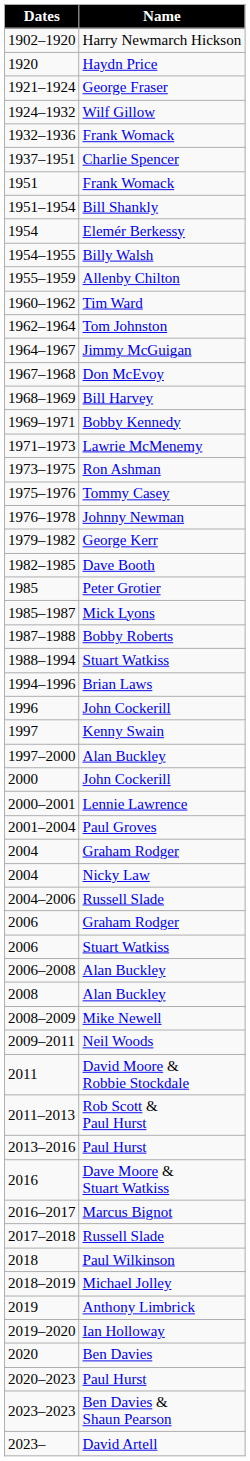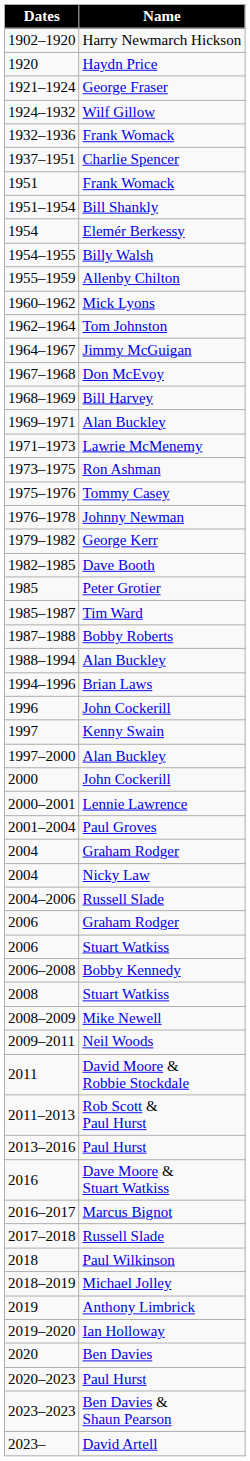 <table class="wikitable">
 <tr>
 <th style="background:#000000; color:#FFFFFF;">Dates</th>
 <th style="background:#000000; color:#FFFFFF;">Name</th>
 </tr>
 <tr>
 <td>1902–1920</td>
 <td> Harry Newmarch Hickson</td>
 </tr>
 <tr>
 <td>1920</td>
 <td> <a href='#'>Haydn Price</a></td>
 </tr>
 <tr>
 <td>1921–1924</td>
 <td> <a href='#'>George Fraser</a></td>
 </tr>
 <tr>
 <td>1924–1932</td>
 <td> <a href='#'>Wilf Gillow</a></td>
 </tr>
 <tr>
 <td>1932–1936</td>
 <td> <a href='#'>Frank Womack</a></td>
 </tr>
 <tr>
 <td>1937–1951</td>
 <td> <a href='#'>Charlie Spencer</a></td>
 </tr>
 <tr>
 <td>1951</td>
 <td> <a href='#'>Frank Womack</a></td>
 </tr>
 <tr>
 <td>1951–1954</td>
 <td> <a href='#'>Bill Shankly</a></td>
 </tr>
 <tr>
 <td>1954</td>
 <td> <a href='#'>Elemér Berkessy</a></td>
 </tr>
 <tr>
 <td>1954–1955</td>
 <td> <a href='#'>Billy Walsh</a></td>
 </tr>
 <tr>
 <td>1955–1959</td>
 <td> <a href='#'>Allenby Chilton</a></td>
 </tr>
 <tr>
 <td>1960–1962</td>
-<td> <a href='#'>Tim Ward</a></td>
+<td> <a href='#'>Mick Lyons</a></td>
 </tr>
 <tr>
 <td>1962–1964</td>
 <td> <a href='#'>Tom Johnston</a></td>
 </tr>
 <tr>
 <td>1964–1967</td>
 <td> <a href='#'>Jimmy McGuigan</a></td>
 </tr>
 <tr>
 <td>1967–1968</td>
 <td> <a href='#'>Don McEvoy</a></td>
 </tr>
 <tr>
 <td>1968–1969</td>
 <td> <a href='#'>Bill Harvey</a></td>
 </tr>
 <tr>
 <td>1969–1971</td>
-<td> <a href='#'>Bobby Kennedy</a></td>
+<td> <a href='#'>Alan Buckley</a></td>
 </tr>
 <tr>
 <td>1971–1973</td>
 <td> <a href='#'>Lawrie McMenemy</a></td>
 </tr>
 <tr>
 <td>1973–1975</td>
 <td> <a href='#'>Ron Ashman</a></td>
 </tr>
 <tr>
 <td>1975–1976</td>
 <td> <a href='#'>Tommy Casey</a></td>
 </tr>
 <tr>
 <td>1976–1978</td>
 <td> <a href='#'>Johnny Newman</a></td>
 </tr>
 <tr>
 <td>1979–1982</td>
 <td> <a href='#'>George Kerr</a></td>
 </tr>
 <tr>
 <td>1982–1985</td>
 <td> <a href='#'>Dave Booth</a></td>
 </tr>
 <tr>
 <td>1985</td>
 <td> <a href='#'>Peter Grotier</a></td>
 </tr>
 <tr>
 <td>1985–1987</td>
-<td> <a href='#'>Mick Lyons</a></td>
+<td> <a href='#'>Tim Ward</a></td>
 </tr>
 <tr>
 <td>1987–1988</td>
 <td> <a href='#'>Bobby Roberts</a></td>
 </tr>
 <tr>
 <td>1988–1994</td>
-<td> <a href='#'>Stuart Watkiss</a></td>
+<td> <a href='#'>Alan Buckley</a></td>
 </tr>
 <tr>
 <td>1994–1996</td>
 <td> <a href='#'>Brian Laws</a></td>
 </tr>
 <tr>
 <td>1996</td>
 <td> <a href='#'>John Cockerill</a></td>
 </tr>
 <tr>
 <td>1997</td>
 <td> <a href='#'>Kenny Swain</a></td>
 </tr>
 <tr>
 <td>1997–2000</td>
 <td> <a href='#'>Alan Buckley</a></td>
 </tr>
 <tr>
 <td>2000</td>
 <td> <a href='#'>John Cockerill</a></td>
 </tr>
 <tr>
 <td>2000–2001</td>
 <td> <a href='#'>Lennie Lawrence</a></td>
 </tr>
 <tr>
 <td>2001–2004</td>
 <td> <a href='#'>Paul Groves</a></td>
 </tr>
 <tr>
 <td>2004</td>
 <td> <a href='#'>Graham Rodger</a></td>
 </tr>
 <tr>
 <td>2004</td>
 <td> <a href='#'>Nicky Law</a></td>
 </tr>
 <tr>
 <td>2004–2006</td>
 <td> <a href='#'>Russell Slade</a></td>
 </tr>
 <tr>
 <td>2006</td>
 <td> <a href='#'>Graham Rodger</a></td>
 </tr>
 <tr>
 <td>2006</td>
 <td> <a href='#'>Stuart Watkiss</a></td>
 </tr>
 <tr>
 <td>2006–2008</td>
-<td> <a href='#'>Alan Buckley</a></td>
+<td> <a href='#'>Bobby Kennedy</a></td>
 </tr>
 <tr>
 <td>2008</td>
-<td> <a href='#'>Alan Buckley</a></td>
+<td> <a href='#'>Stuart Watkiss</a></td>
 </tr>
 <tr>
 <td>2008–2009</td>
 <td> <a href='#'>Mike Newell</a></td>
 </tr>
 <tr>
 <td>2009–2011</td>
 <td> <a href='#'>Neil Woods</a></td>
 </tr>
 <tr>
 <td>2011</td>
 <td> <a href='#'>David Moore</a> &<br> <a href='#'>Robbie Stockdale</a></td>
 </tr>
 <tr>
 <td>2011–2013</td>
 <td> <a href='#'>Rob Scott</a> &<br> <a href='#'>Paul Hurst</a></td>
 </tr>
 <tr>
 <td>2013–2016</td>
 <td> <a href='#'>Paul Hurst</a></td>
 </tr>
 <tr>
 <td>2016</td>
 <td> <a href='#'>Dave Moore</a> & <br>  <a href='#'>Stuart Watkiss</a></td>
 </tr>
 <tr>
 <td>2016–2017</td>
 <td> <a href='#'>Marcus Bignot</a></td>
 </tr>
 <tr>
 <td>2017–2018</td>
 <td> <a href='#'>Russell Slade</a></td>
 </tr>
 <tr>
 <td>2018</td>
 <td> <a href='#'>Paul Wilkinson</a></td>
 </tr>
 <tr>
 <td>2018–2019</td>
 <td> <a href='#'>Michael Jolley</a></td>
 </tr>
 <tr>
 <td>2019</td>
 <td> <a href='#'>Anthony Limbrick</a></td>
 </tr>
 <tr>
 <td>2019–2020</td>
 <td> <a href='#'>Ian Holloway</a></td>
 </tr>
 <tr>
 <td>2020</td>
 <td> <a href='#'>Ben Davies</a></td>
 </tr>
 <tr>
 <td>2020–2023</td>
 <td> <a href='#'>Paul Hurst</a></td>
 </tr>
 <tr>
 <td>2023–2023</td>
 <td> <a href='#'>Ben Davies</a> & <br>  <a href='#'>Shaun Pearson</a></td>
 </tr>
 <tr>
 <td>2023–</td>
 <td> <a href='#'>David Artell</a></td>
 </tr>
 </table>
